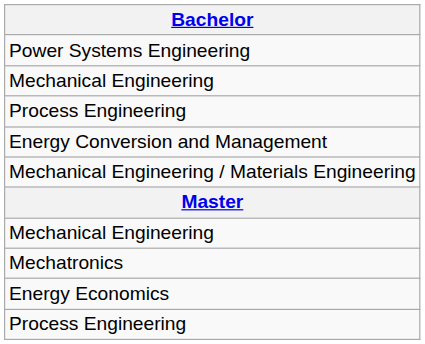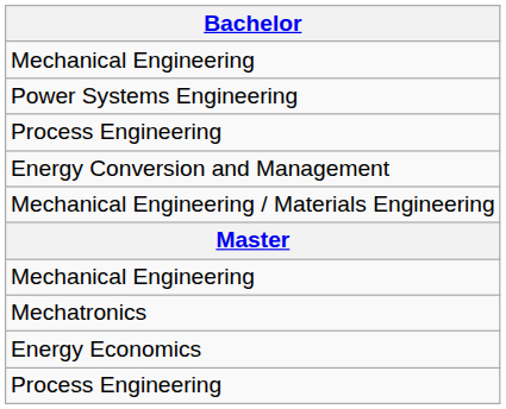 <table class="wikitable sortable">
 <tr class="backroundcolor5">
 <th><a href='#'>Bachelor</a></th>
 </tr>
 <tr>
-<td>Power Systems Engineering</td>
+<td>Mechanical Engineering</td>
 </tr>
 <tr>
-<td>Mechanical Engineering</td>
+<td>Power Systems Engineering</td>
 </tr>
 <tr>
 <td>Process Engineering</td>
 </tr>
 <tr>
 <td>Energy Conversion and Management</td>
 </tr>
 <tr>
 <td>Mechanical Engineering / Materials Engineering</td>
 </tr>
 <tr>
 <th><a href='#'>Master</a></th>
 </tr>
 <tr>
 <td>Mechanical Engineering</td>
 </tr>
 <tr>
 <td>Mechatronics</td>
 </tr>
 <tr>
 <td>Energy Economics</td>
 </tr>
 <tr>
 <td>Process Engineering</td>
 </tr>
 </table>
